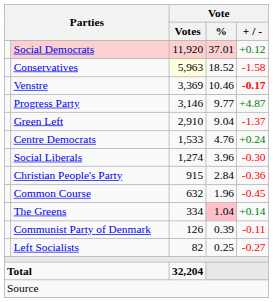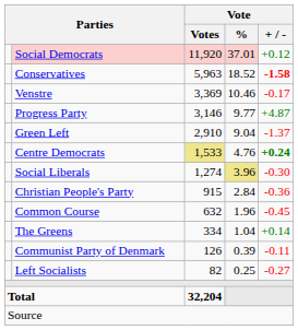 <table class="wikitable" style="text-align:right;">
 <tr>
 <th style="text-align:centre;" rowspan="2" colspan="2" width="225">Parties</th>
 <th colspan="3">Vote</th>
 </tr>
 <tr>
 <th width="15">Votes</th>
 <th width="15">%</th>
 <th width="15">+ / -</th>
 </tr>
 <tr>
 <td width="2" style="color:inherit;background:"></td>
 <td bgcolor=#fbd0ce  align="left"><a href='#'>Social Democrats</a></td>
 <td bgcolor=#fbd0ce>11,920</td>
 <td bgcolor=#fbd0ce>37.01</td>
 <td style=color:green;>+0.12</td>
 </tr>
 <tr>
 <td width="2" style="color:inherit;background:"></td>
 <td align="left"><a href='#'>Conservatives</a></td>
-<td style="background: lightyellow;">5,963</td>
+<td>5,963</td>
 <td>18.52</td>
-<td style=color:red;>-1.58</td>
+<td style=color:red;><strong>-1.58</strong></td>
 </tr>
 <tr>
 <td width="2" style="color:inherit;background:"></td>
 <td align="left"><a href='#'>Venstre</a></td>
 <td>3,369</td>
 <td>10.46</td>
-<td style=color:red;><strong>-0.17</strong></td>
+<td style=color:red;>-0.17</td>
 </tr>
 <tr>
 <td width="2" style="color:inherit;background:"></td>
 <td align="left"><a href='#'>Progress Party</a></td>
 <td>3,146</td>
 <td>9.77</td>
 <td style=color:green;>+4.87</td>
 </tr>
 <tr>
 <td width="2" style="color:inherit;background:"></td>
 <td align="left"><a href='#'>Green Left</a></td>
 <td>2,910</td>
 <td>9.04</td>
 <td style=color:red;>-1.37</td>
 </tr>
 <tr>
 <td width="2" style="color:inherit;background:"></td>
 <td align="left"><a href='#'>Centre Democrats</a></td>
-<td>1,533</td>
+<td style="background: khaki;">1,533</td>
 <td>4.76</td>
-<td style=color:green;>+0.24</td>
+<td style=color:green;><strong>+0.24</strong></td>
 </tr>
 <tr>
 <td width="2" style="color:inherit;background:"></td>
 <td align="left"><a href='#'>Social Liberals</a></td>
 <td>1,274</td>
-<td>3.96</td>
+<td style="background: khaki;">3.96</td>
 <td style=color:red;>-0.30</td>
 </tr>
 <tr>
 <td width="2" style="color:inherit;background:"></td>
 <td align="left"><a href='#'>Christian People's Party</a></td>
 <td>915</td>
 <td>2.84</td>
 <td style=color:red;>-0.36</td>
 </tr>
 <tr>
 <td width="2" style="color:inherit;background:"></td>
 <td align="left"><a href='#'>Common Course</a></td>
 <td>632</td>
 <td>1.96</td>
 <td style=color:red;>-0.45</td>
 </tr>
 <tr>
 <td width="2" style="color:inherit;background:"></td>
 <td align="left"><a href='#'>The Greens</a></td>
 <td>334</td>
-<td style="background: pink;">1.04</td>
+<td>1.04</td>
 <td style=color:green;>+0.14</td>
 </tr>
 <tr>
 <td width="2" style="color:inherit;background:"></td>
 <td align="left"><a href='#'>Communist Party of Denmark</a></td>
 <td>126</td>
 <td>0.39</td>
 <td style=color:red;>-0.11</td>
 </tr>
 <tr>
 <td width="2" style="color:inherit;background:"></td>
 <td align="left"><a href='#'>Left Socialists</a></td>
 <td>82</td>
 <td>0.25</td>
 <td style=color:red;>-0.27</td>
 </tr>
 <tr>
 <td colspan="7" bgcolor="#E9E9E9"></td>
 </tr>
 <tr>
 <td align="left" colspan="2"><strong>Total</strong></td>
 <td><strong>32,204</strong></td>
 <td bgcolor="#E9E9E9" colspan="2"></td>
 </tr>
 <tr>
 <td align="left" colspan="6">Source</td>
 </tr>
 </table>
